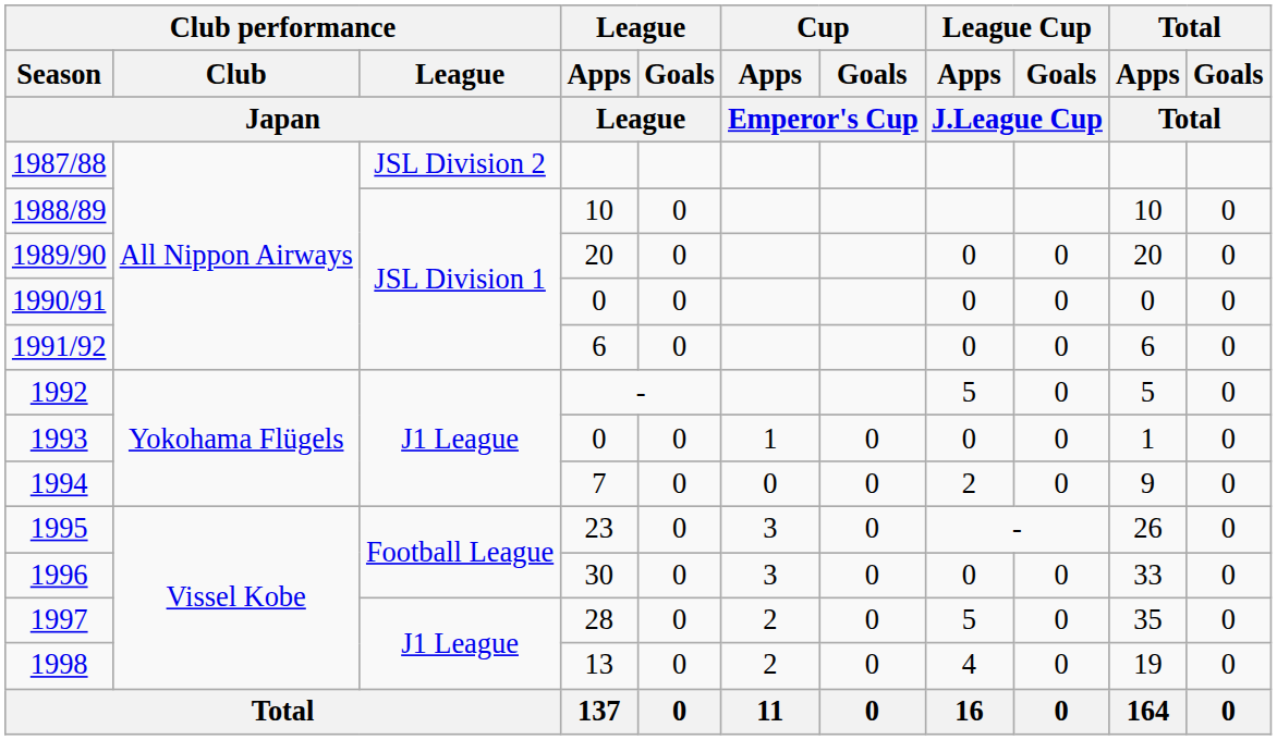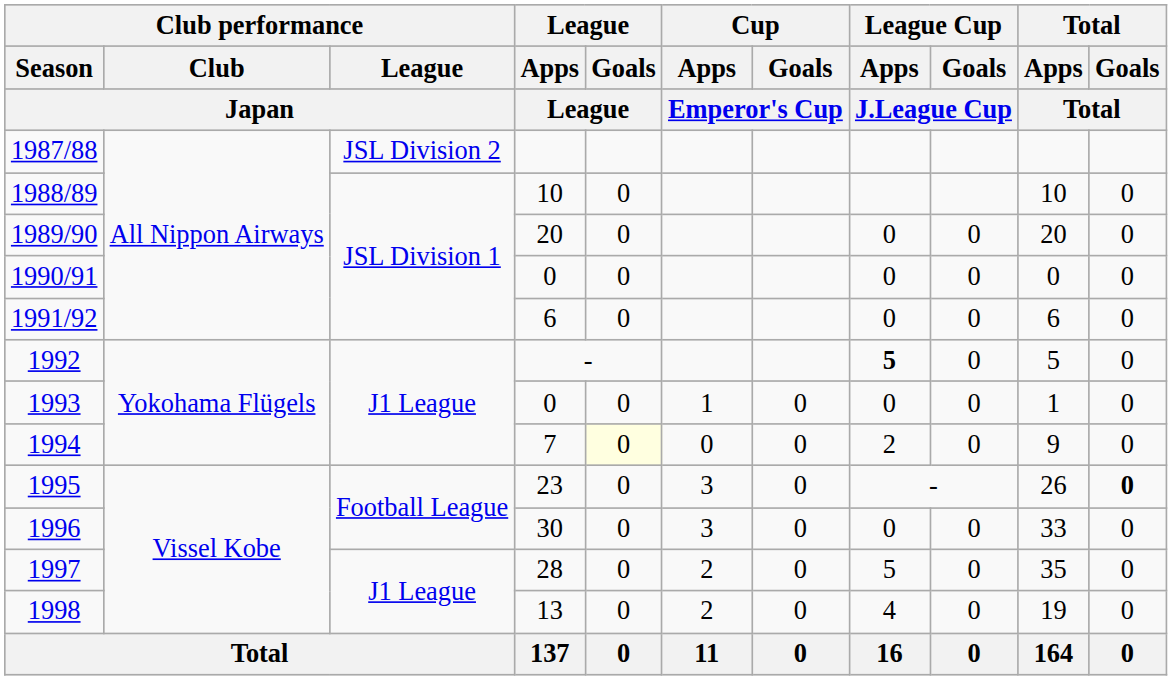 <table class="wikitable" style="text-align:center;">
 <tr>
 <th colspan=3>Club performance</th>
 <th colspan=2>League</th>
 <th colspan=2>Cup</th>
 <th colspan=2>League Cup</th>
 <th colspan=2>Total</th>
 </tr>
 <tr>
 <th>Season</th>
 <th>Club</th>
 <th>League</th>
 <th>Apps</th>
 <th>Goals</th>
 <th>Apps</th>
 <th>Goals</th>
 <th>Apps</th>
 <th>Goals</th>
 <th>Apps</th>
 <th>Goals</th>
 </tr>
 <tr>
 <th colspan=3>Japan</th>
 <th colspan=2>League</th>
 <th colspan=2><a href='#'>Emperor's Cup</a></th>
 <th colspan=2><a href='#'>J.League Cup</a></th>
 <th colspan=2>Total</th>
 </tr>
 <tr>
 <td><a href='#'>1987/88</a></td>
 <td rowspan="5"><a href='#'>All Nippon Airways</a></td>
 <td><a href='#'>JSL Division 2</a></td>
 <td></td>
 <td></td>
 <td></td>
 <td></td>
 <td></td>
 <td></td>
 <td></td>
 <td></td>
 </tr>
 <tr>
 <td><a href='#'>1988/89</a></td>
 <td rowspan="4"><a href='#'>JSL Division 1</a></td>
 <td>10</td>
 <td>0</td>
 <td></td>
 <td></td>
 <td></td>
 <td></td>
 <td>10</td>
 <td>0</td>
 </tr>
 <tr>
 <td><a href='#'>1989/90</a></td>
 <td>20</td>
 <td>0</td>
 <td></td>
 <td></td>
 <td>0</td>
 <td>0</td>
 <td>20</td>
 <td>0</td>
 </tr>
 <tr>
 <td><a href='#'>1990/91</a></td>
 <td>0</td>
 <td>0</td>
 <td></td>
 <td></td>
 <td>0</td>
 <td>0</td>
 <td>0</td>
 <td>0</td>
 </tr>
 <tr>
 <td><a href='#'>1991/92</a></td>
 <td>6</td>
 <td>0</td>
 <td></td>
 <td></td>
 <td>0</td>
 <td>0</td>
 <td>6</td>
 <td>0</td>
 </tr>
 <tr>
 <td><a href='#'>1992</a></td>
 <td rowspan="3"><a href='#'>Yokohama Flügels</a></td>
 <td rowspan="3"><a href='#'>J1 League</a></td>
 <td colspan="2">-</td>
 <td></td>
 <td></td>
-<td>5</td>
+<td><strong>5</strong></td>
 <td>0</td>
 <td>5</td>
 <td>0</td>
 </tr>
 <tr>
 <td><a href='#'>1993</a></td>
 <td>0</td>
 <td>0</td>
 <td>1</td>
 <td>0</td>
 <td>0</td>
 <td>0</td>
 <td>1</td>
 <td>0</td>
 </tr>
 <tr>
 <td><a href='#'>1994</a></td>
 <td>7</td>
-<td>0</td>
+<td style="background: lightyellow;">0</td>
 <td>0</td>
 <td>0</td>
 <td>2</td>
 <td>0</td>
 <td>9</td>
 <td>0</td>
 </tr>
 <tr>
 <td><a href='#'>1995</a></td>
 <td rowspan="4"><a href='#'>Vissel Kobe</a></td>
 <td rowspan="2"><a href='#'>Football League</a></td>
 <td>23</td>
 <td>0</td>
 <td>3</td>
 <td>0</td>
 <td colspan="2">-</td>
 <td>26</td>
-<td>0</td>
+<td><strong>0</strong></td>
 </tr>
 <tr>
 <td><a href='#'>1996</a></td>
 <td>30</td>
 <td>0</td>
 <td>3</td>
 <td>0</td>
 <td>0</td>
 <td>0</td>
 <td>33</td>
 <td>0</td>
 </tr>
 <tr>
 <td><a href='#'>1997</a></td>
 <td rowspan="2"><a href='#'>J1 League</a></td>
 <td>28</td>
 <td>0</td>
 <td>2</td>
 <td>0</td>
 <td>5</td>
 <td>0</td>
 <td>35</td>
 <td>0</td>
 </tr>
 <tr>
 <td><a href='#'>1998</a></td>
 <td>13</td>
 <td>0</td>
 <td>2</td>
 <td>0</td>
 <td>4</td>
 <td>0</td>
 <td>19</td>
 <td>0</td>
 </tr>
 <tr>
 <th colspan=3>Total</th>
 <th>137</th>
 <th>0</th>
 <th>11</th>
 <th>0</th>
 <th>16</th>
 <th>0</th>
 <th>164</th>
 <th>0</th>
 </tr>
 </table>
